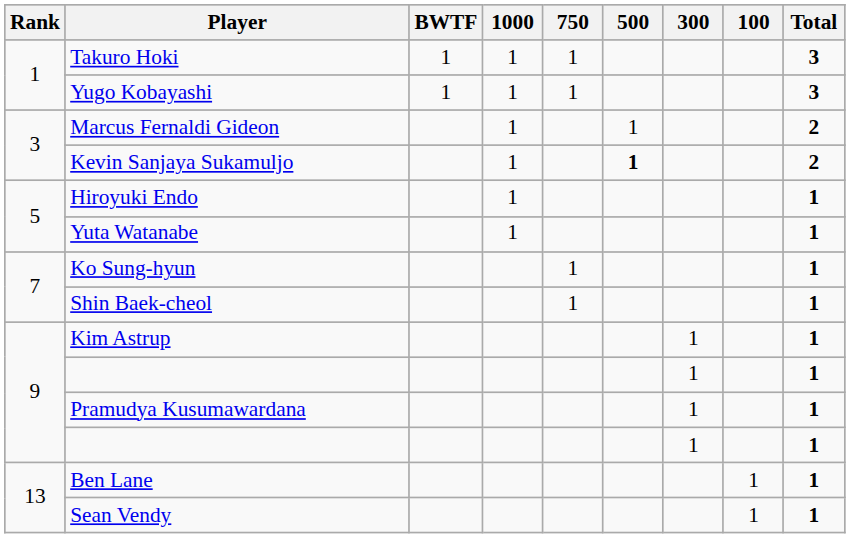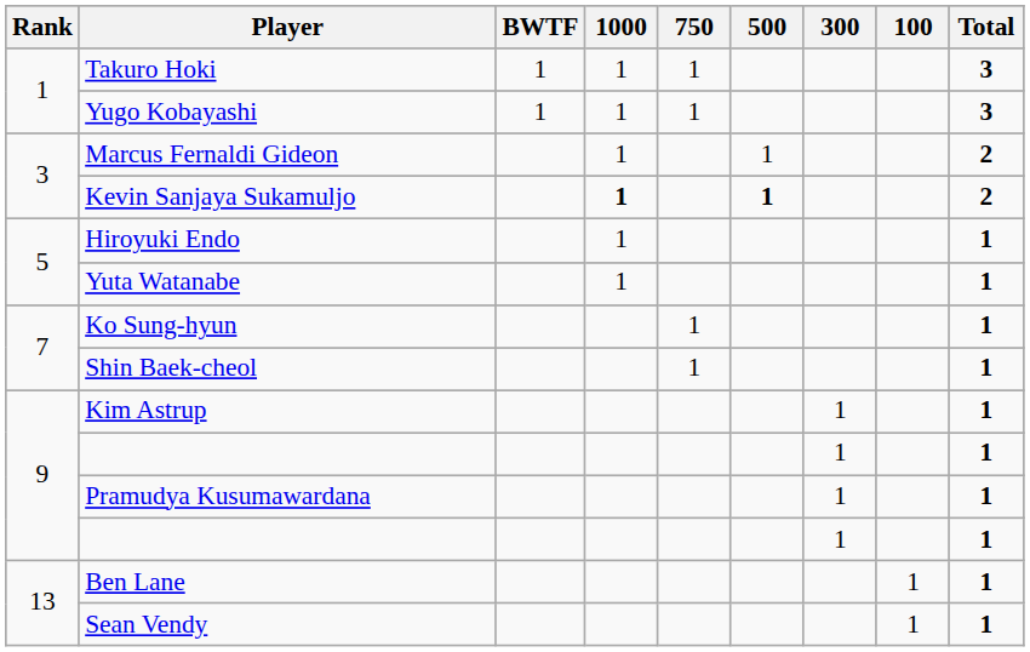 <table class="wikitable" style="font-size:80%; text-align:center">
 <tr>
 <th width="30">Rank</th>
 <th width="200">Player</th>
 <th width="30">BWTF</th>
 <th width="30">1000</th>
 <th width="30">750</th>
 <th width="30">500</th>
 <th width="30">300</th>
 <th width="30">100</th>
 <th width="30">Total</th>
 </tr>
 <tr>
 <td rowspan=2>1</td>
 <td align="left"> <a href='#'>Takuro Hoki</a></td>
 <td>1</td>
 <td>1</td>
 <td>1</td>
 <td></td>
 <td></td>
 <td></td>
 <td><strong>3</strong></td>
 </tr>
 <tr>
 <td align="left"> <a href='#'>Yugo Kobayashi</a></td>
 <td>1</td>
 <td>1</td>
 <td>1</td>
 <td></td>
 <td></td>
 <td></td>
 <td><strong>3</strong></td>
 </tr>
 <tr>
 <td rowspan=2>3</td>
 <td align="left"> <a href='#'>Marcus Fernaldi Gideon</a></td>
 <td></td>
 <td>1</td>
 <td></td>
 <td>1</td>
 <td></td>
 <td></td>
 <td><strong>2</strong></td>
 </tr>
 <tr>
 <td align="left"> <a href='#'>Kevin Sanjaya Sukamuljo</a></td>
 <td></td>
-<td>1</td>
+<td><strong>1</strong></td>
 <td></td>
 <td><strong>1</strong></td>
 <td></td>
 <td></td>
 <td><strong>2</strong></td>
 </tr>
 <tr>
 <td rowspan=2>5</td>
 <td align="left"> <a href='#'>Hiroyuki Endo</a></td>
 <td></td>
 <td>1</td>
 <td></td>
 <td></td>
 <td></td>
 <td></td>
 <td><strong>1</strong></td>
 </tr>
 <tr>
 <td align="left"> <a href='#'>Yuta Watanabe</a></td>
 <td></td>
 <td>1</td>
 <td></td>
 <td></td>
 <td></td>
 <td></td>
 <td><strong>1</strong></td>
 </tr>
 <tr>
 <td rowspan=2>7</td>
 <td align="left"> <a href='#'>Ko Sung-hyun</a></td>
 <td></td>
 <td></td>
 <td>1</td>
 <td></td>
 <td></td>
 <td></td>
 <td><strong>1</strong></td>
 </tr>
 <tr>
 <td align="left"> <a href='#'>Shin Baek-cheol</a></td>
 <td></td>
 <td></td>
 <td>1</td>
 <td></td>
 <td></td>
 <td></td>
 <td><strong>1</strong></td>
 </tr>
 <tr>
 <td rowspan=4>9</td>
 <td align="left"> <a href='#'>Kim Astrup</a></td>
 <td></td>
 <td></td>
 <td></td>
 <td></td>
 <td>1</td>
 <td></td>
 <td><strong>1</strong></td>
 </tr>
 <tr>
 <td align="left"></td>
 <td></td>
 <td></td>
 <td></td>
 <td></td>
 <td>1</td>
 <td></td>
 <td><strong>1</strong></td>
 </tr>
 <tr>
 <td align="left"> <a href='#'>Pramudya Kusumawardana</a></td>
 <td></td>
 <td></td>
 <td></td>
 <td></td>
 <td>1</td>
 <td></td>
 <td><strong>1</strong></td>
 </tr>
 <tr>
 <td align="left"></td>
 <td></td>
 <td></td>
 <td></td>
 <td></td>
 <td>1</td>
 <td></td>
 <td><strong>1</strong></td>
 </tr>
 <tr>
 <td rowspan=2>13</td>
 <td align="left"> <a href='#'>Ben Lane</a></td>
 <td></td>
 <td></td>
 <td></td>
 <td></td>
 <td></td>
 <td>1</td>
 <td><strong>1</strong></td>
 </tr>
 <tr>
 <td align="left"> <a href='#'>Sean Vendy</a></td>
 <td></td>
 <td></td>
 <td></td>
 <td></td>
 <td></td>
 <td>1</td>
 <td><strong>1</strong></td>
 </tr>
 </table>
